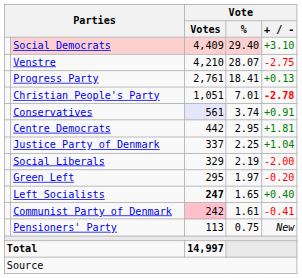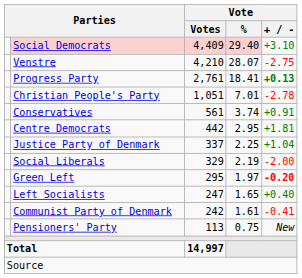 <table class="wikitable" style="text-align:right;">
 <tr>
 <th style="text-align:centre;" rowspan="2" colspan="2" width="225">Parties</th>
 <th colspan="3">Vote</th>
 </tr>
 <tr>
 <th width="15">Votes</th>
 <th width="15">%</th>
 <th width="15">+ / -</th>
 </tr>
 <tr>
 <td width="2" style="color:inherit;background:"></td>
 <td bgcolor=#fbd0ce  align="left"><a href='#'>Social Democrats</a></td>
 <td bgcolor=#fbd0ce>4,409</td>
 <td bgcolor=#fbd0ce>29.40</td>
 <td style=color:green;>+3.10</td>
 </tr>
 <tr>
 <td width="2" style="color:inherit;background:"></td>
 <td align="left"><a href='#'>Venstre</a></td>
 <td>4,210</td>
 <td>28.07</td>
 <td style=color:red;>-2.75</td>
 </tr>
 <tr>
 <td width="2" style="color:inherit;background:"></td>
 <td align="left"><a href='#'>Progress Party</a></td>
 <td>2,761</td>
 <td>18.41</td>
-<td style=color:green;>+0.13</td>
+<td style=color:green;><strong>+0.13</strong></td>
 </tr>
 <tr>
 <td width="2" style="color:inherit;background:"></td>
 <td align="left"><a href='#'>Christian People's Party</a></td>
 <td>1,051</td>
 <td>7.01</td>
-<td style=color:red;><strong>-2.78</strong></td>
+<td style=color:red;>-2.78</td>
 </tr>
 <tr>
 <td width="2" style="color:inherit;background:"></td>
 <td align="left"><a href='#'>Conservatives</a></td>
-<td style="background: lavender;">561</td>
+<td>561</td>
 <td>3.74</td>
 <td style=color:green;>+0.91</td>
 </tr>
 <tr>
 <td width="2" style="color:inherit;background:"></td>
 <td align="left"><a href='#'>Centre Democrats</a></td>
 <td>442</td>
 <td>2.95</td>
 <td style=color:green;>+1.81</td>
 </tr>
 <tr>
 <td width="2" style="color:inherit;background:"></td>
 <td align="left"><a href='#'>Justice Party of Denmark</a></td>
 <td>337</td>
 <td>2.25</td>
 <td style=color:green;>+1.04</td>
 </tr>
 <tr>
 <td width="2" style="color:inherit;background:"></td>
 <td align="left"><a href='#'>Social Liberals</a></td>
 <td>329</td>
 <td>2.19</td>
 <td style=color:red;>-2.00</td>
 </tr>
 <tr>
 <td width="2" style="color:inherit;background:"></td>
 <td align="left"><a href='#'>Green Left</a></td>
 <td>295</td>
 <td>1.97</td>
-<td style=color:red;>-0.20</td>
+<td style=color:red;><strong>-0.20</strong></td>
 </tr>
 <tr>
 <td width="2" style="color:inherit;background:"></td>
 <td align="left"><a href='#'>Left Socialists</a></td>
-<td><strong>247</strong></td>
+<td>247</td>
 <td>1.65</td>
 <td style=color:green;>+0.40</td>
 </tr>
 <tr>
 <td width="2" style="color:inherit;background:"></td>
 <td align="left"><a href='#'>Communist Party of Denmark</a></td>
-<td style="background: pink;">242</td>
+<td>242</td>
 <td>1.61</td>
 <td style=color:red;>-0.41</td>
 </tr>
 <tr>
 <td width="2" style="color:inherit;background:"></td>
 <td align="left"><a href='#'>Pensioners' Party</a></td>
 <td>113</td>
 <td>0.75</td>
 <td><em>New</em></td>
 </tr>
 <tr>
 <td colspan="7" bgcolor="#E9E9E9"></td>
 </tr>
 <tr>
 <td align="left" colspan="2"><strong>Total</strong></td>
 <td><strong>14,997</strong></td>
 <td bgcolor="#E9E9E9" colspan="2"></td>
 </tr>
 <tr>
 <td align="left" colspan="6">Source</td>
 </tr>
 </table>
